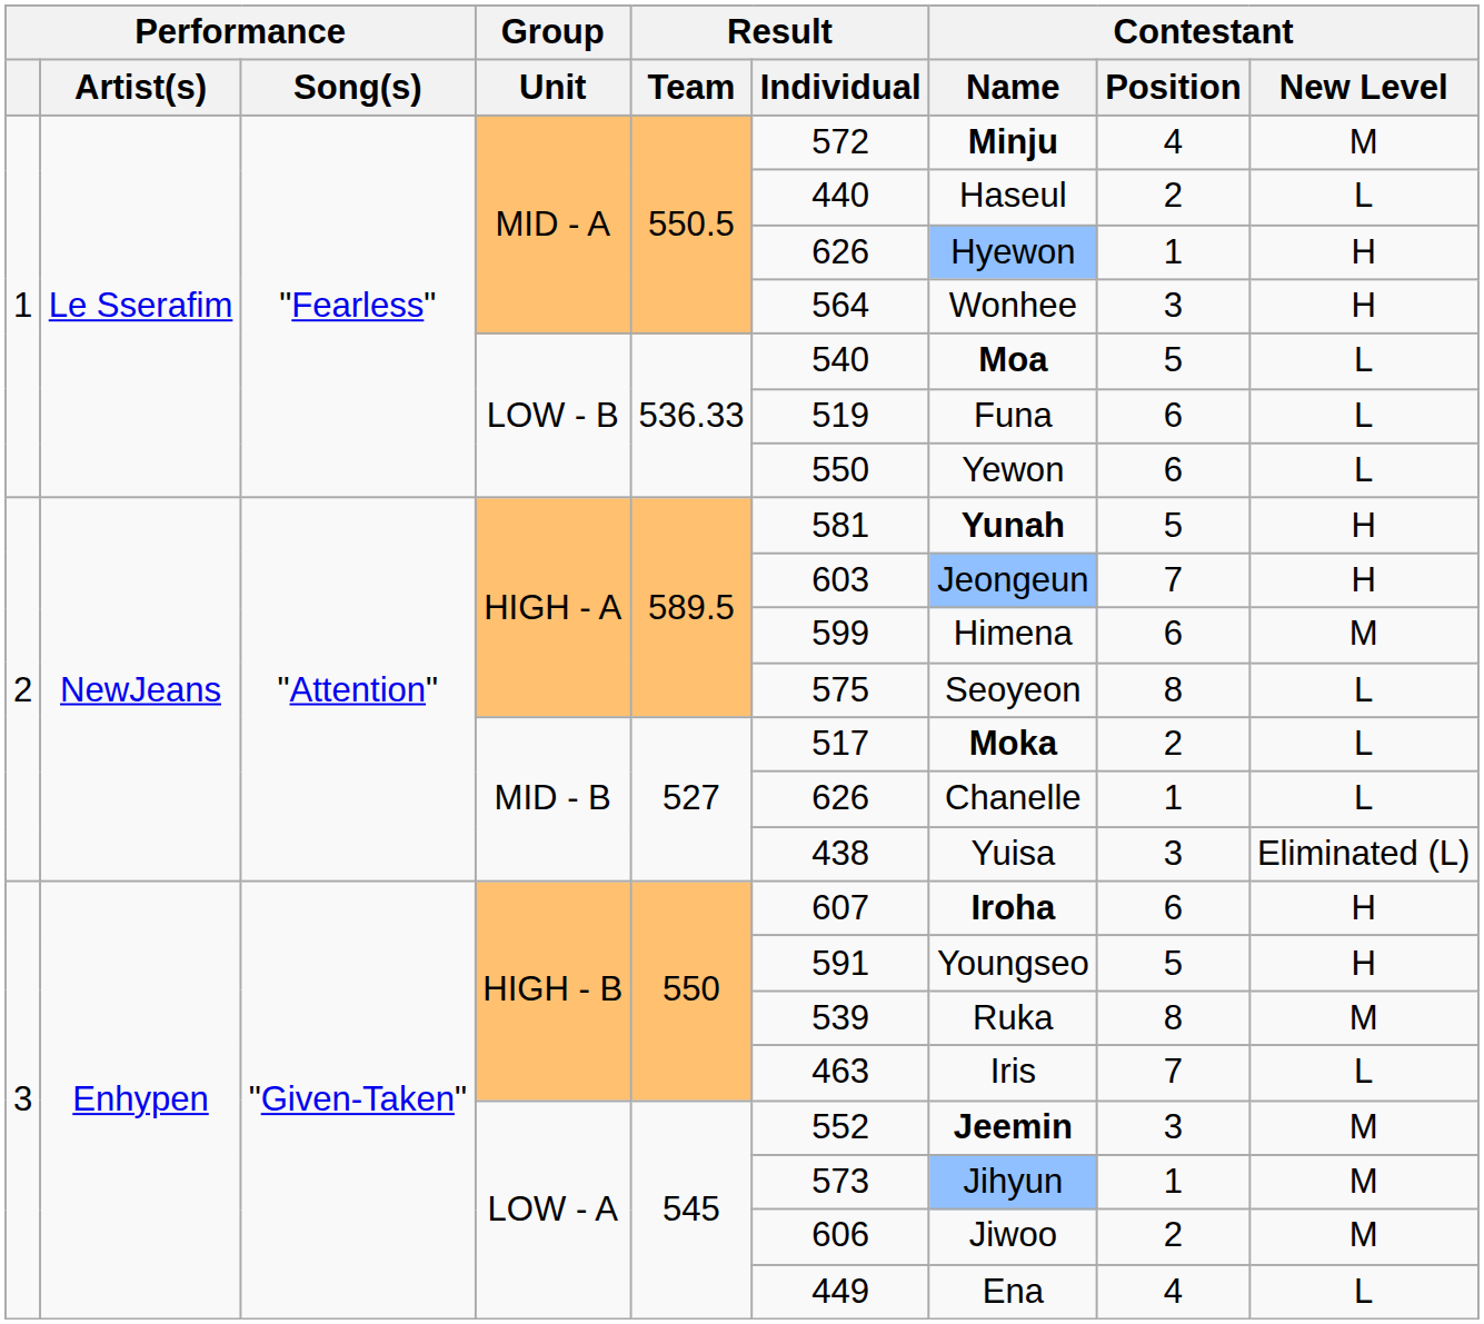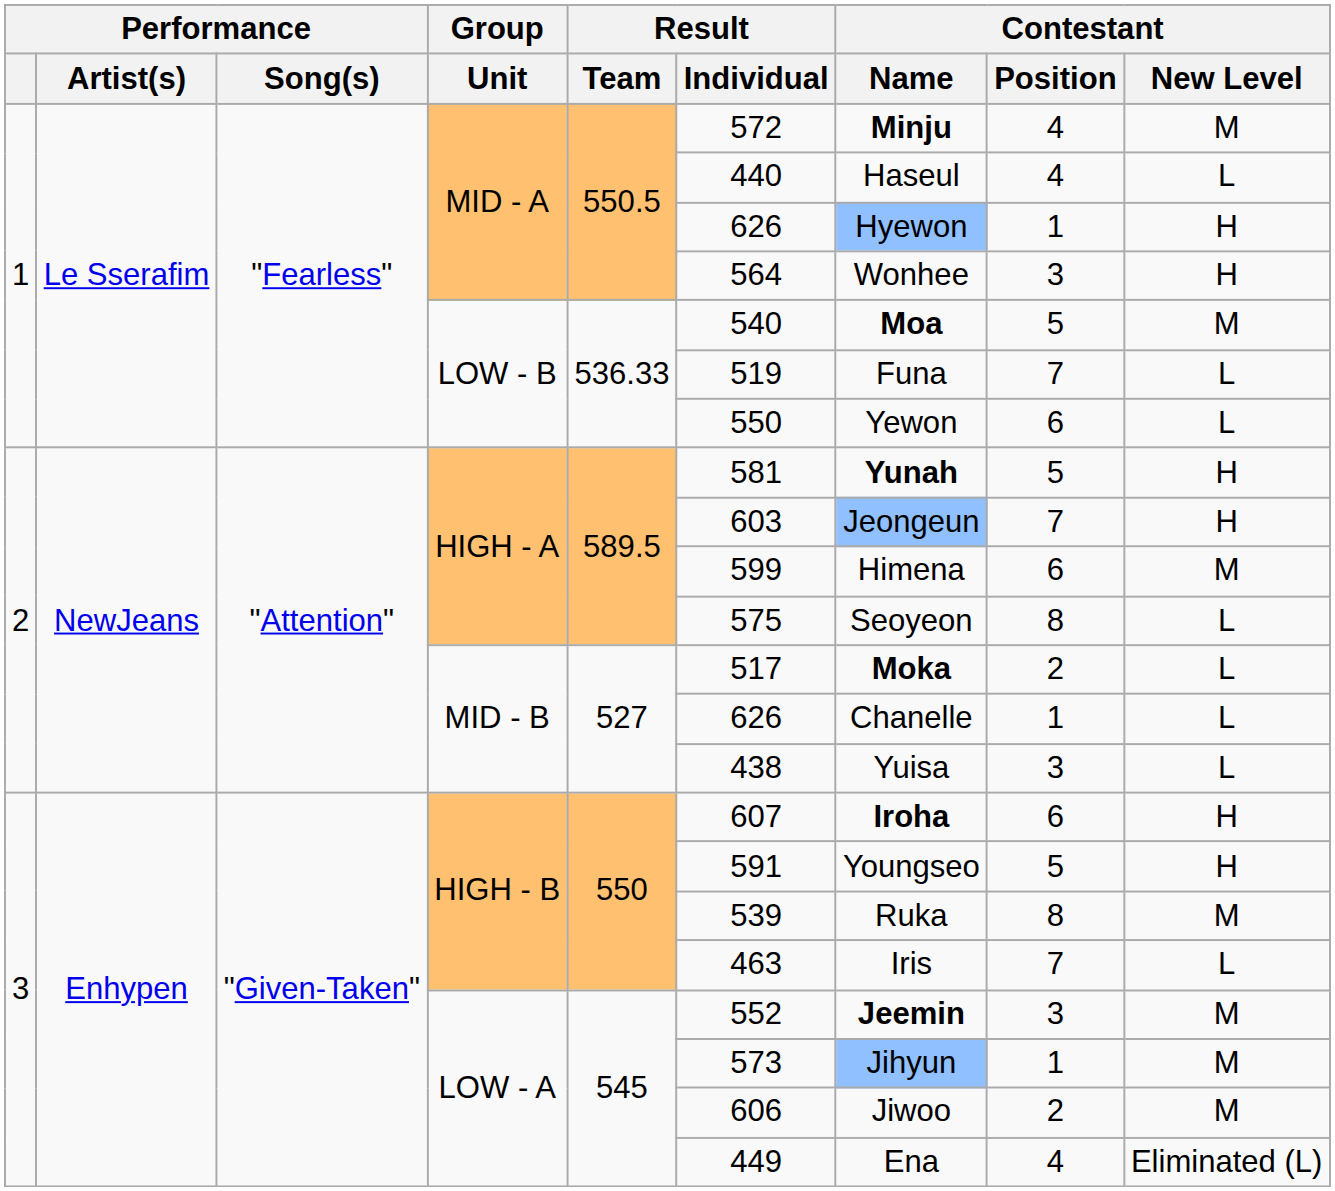 <table class="wikitable collapsible" style="text-align:center">
 <tr>
 <th colspan="3">Performance</th>
 <th>Group</th>
 <th colspan="2">Result</th>
 <th colspan="3">Contestant</th>
 </tr>
 <tr>
 <th></th>
 <th>Artist(s)</th>
 <th>Song(s)</th>
 <th>Unit</th>
 <th>Team</th>
 <th>Individual</th>
 <th>Name</th>
 <th>Position</th>
 <th>New Level</th>
 </tr>
 <tr>
 <td rowspan="7">1</td>
 <td rowspan="7"><a href='#'>Le Sserafim</a></td>
 <td rowspan="7">"<a href='#'>Fearless</a>"</td>
 <td rowspan="4" style="background:#FFC06F">MID - A</td>
 <td rowspan="4" style="background:#FFC06F">550.5</td>
 <td>572</td>
 <td><strong>Minju</strong></td>
 <td>4</td>
 <td>M</td>
 </tr>
 <tr>
 <td>440</td>
 <td>Haseul</td>
-<td>2</td>
+<td>4</td>
 <td>L</td>
 </tr>
 <tr>
 <td>626</td>
 <td style="background:#90C0FF">Hyewon</td>
 <td>1</td>
 <td>H</td>
 </tr>
 <tr>
 <td>564</td>
 <td>Wonhee</td>
 <td>3</td>
 <td>H</td>
 </tr>
 <tr>
 <td rowspan="3">LOW - B</td>
 <td rowspan="3">536.33</td>
 <td>540</td>
 <td><strong>Moa</strong></td>
 <td>5</td>
-<td>L</td>
+<td>M</td>
 </tr>
 <tr>
 <td>519</td>
 <td>Funa</td>
-<td>6</td>
+<td>7</td>
 <td>L</td>
 </tr>
 <tr>
 <td>550</td>
 <td>Yewon</td>
 <td>6</td>
 <td>L</td>
 </tr>
 <tr>
 <td rowspan="7">2</td>
 <td rowspan="7"><a href='#'>NewJeans</a></td>
 <td rowspan="7">"<a href='#'>Attention</a>"</td>
 <td rowspan="4" style="background:#FFC06F">HIGH - A</td>
 <td rowspan="4" style="background:#FFC06F">589.5</td>
 <td>581</td>
 <td><strong>Yunah</strong></td>
 <td>5</td>
 <td>H</td>
 </tr>
 <tr>
 <td>603</td>
 <td style="background:#90C0FF">Jeongeun</td>
 <td>7</td>
 <td>H</td>
 </tr>
 <tr>
 <td>599</td>
 <td>Himena</td>
 <td>6</td>
 <td>M</td>
 </tr>
 <tr>
 <td>575</td>
 <td>Seoyeon</td>
 <td>8</td>
 <td>L</td>
 </tr>
 <tr>
 <td rowspan="3">MID - B</td>
 <td rowspan="3">527</td>
 <td>517</td>
 <td><strong>Moka</strong></td>
 <td>2</td>
 <td>L</td>
 </tr>
 <tr>
 <td>626</td>
 <td>Chanelle</td>
 <td>1</td>
 <td>L</td>
 </tr>
 <tr>
 <td>438</td>
 <td>Yuisa</td>
 <td>3</td>
-<td>Eliminated (L)</td>
+<td>L</td>
 </tr>
 <tr>
 <td rowspan="8">3</td>
 <td rowspan="8"><a href='#'>Enhypen</a></td>
 <td rowspan="8">"<a href='#'>Given-Taken</a>"</td>
 <td rowspan="4" style="background:#FFC06F">HIGH - B</td>
 <td rowspan="4" style="background:#FFC06F">550</td>
 <td>607</td>
 <td><strong>Iroha</strong></td>
 <td>6</td>
 <td>H</td>
 </tr>
 <tr>
 <td>591</td>
 <td>Youngseo</td>
 <td>5</td>
 <td>H</td>
 </tr>
 <tr>
 <td>539</td>
 <td>Ruka</td>
 <td>8</td>
 <td>M</td>
 </tr>
 <tr>
 <td>463</td>
 <td>Iris</td>
 <td>7</td>
 <td>L</td>
 </tr>
 <tr>
 <td rowspan="4">LOW - A</td>
 <td rowspan="4">545</td>
 <td>552</td>
 <td><strong>Jeemin</strong></td>
 <td>3</td>
 <td>M</td>
 </tr>
 <tr>
 <td>573</td>
 <td style="background:#90C0FF">Jihyun</td>
 <td>1</td>
 <td>M</td>
 </tr>
 <tr>
 <td>606</td>
 <td>Jiwoo</td>
 <td>2</td>
 <td>M</td>
 </tr>
 <tr>
 <td>449</td>
 <td>Ena</td>
 <td>4</td>
-<td>L</td>
+<td>Eliminated (L)</td>
 </tr>
 </table>
